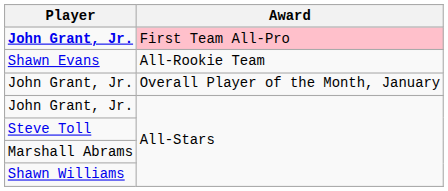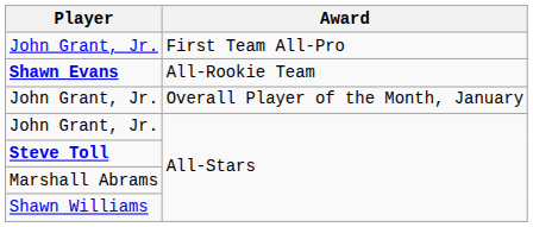 <table class="wikitable">
 <tr>
 <th>Player</th>
 <th>Award</th>
 </tr>
 <tr>
-<td><strong><a href='#'>John Grant, Jr.</a></strong></td>
-<td style="background: pink;">First Team All-Pro</td>
+<td><a href='#'>John Grant, Jr.</a></td>
+<td>First Team All-Pro</td>
 </tr>
 <tr>
-<td><a href='#'>Shawn Evans</a></td>
+<td><strong><a href='#'>Shawn Evans</a></strong></td>
 <td>All-Rookie Team</td>
 </tr>
 <tr>
 <td>John Grant, Jr.</td>
 <td>Overall Player of the Month, January</td>
 </tr>
 <tr>
 <td>John Grant, Jr.</td>
 <td rowspan=4>All-Stars</td>
 </tr>
 <tr>
-<td><a href='#'>Steve Toll</a></td>
+<td><strong><a href='#'>Steve Toll</a></strong></td>
 </tr>
 <tr>
 <td>Marshall Abrams</td>
 </tr>
 <tr>
 <td><a href='#'>Shawn Williams</a></td>
 </tr>
 </table>
